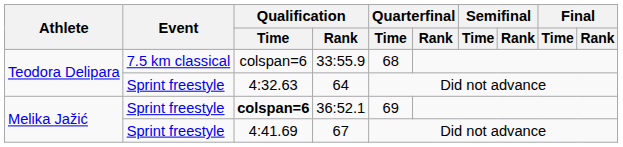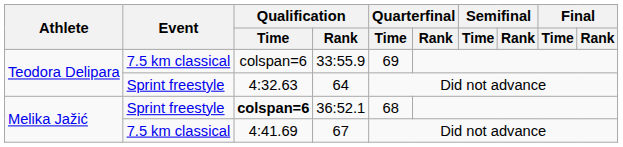 <table class="wikitable" style="font-size:90%">
 <tr>
 <th rowspan="2">Athlete</th>
 <th rowspan="2">Event</th>
 <th colspan="2">Qualification</th>
 <th colspan="2">Quarterfinal</th>
 <th colspan="2">Semifinal</th>
 <th colspan="2">Final</th>
 </tr>
 <tr style="font-size:95%">
 <th>Time</th>
 <th>Rank</th>
 <th>Time</th>
 <th>Rank</th>
 <th>Time</th>
 <th>Rank</th>
 <th>Time</th>
 <th>Rank</th>
 </tr>
 <tr align=center>
 <td align=left rowspan=2><a href='#'>Teodora Delipara</a></td>
 <td align=left><a href='#'>7.5 km classical</a></td>
 <td>colspan=6</td>
 <td>33:55.9</td>
-<td>68</td>
+<td>69</td>
 </tr>
 <tr align=center>
 <td align=left><a href='#'>Sprint freestyle</a></td>
 <td>4:32.63</td>
 <td>64</td>
 <td colspan=6>Did not advance</td>
 </tr>
 <tr align=center>
 <td align=left rowspan=2><a href='#'>Melika Jažić</a></td>
 <td align=left><a href='#'>Sprint freestyle</a></td>
 <td><strong>colspan=6</strong></td>
 <td>36:52.1</td>
-<td>69</td>
+<td>68</td>
 </tr>
 <tr align=center>
-<td align=left><a href='#'>Sprint freestyle</a></td>
+<td align=left><a href='#'>7.5 km classical</a></td>
 <td>4:41.69</td>
 <td>67</td>
 <td colspan=6>Did not advance</td>
 </tr>
 </table>
